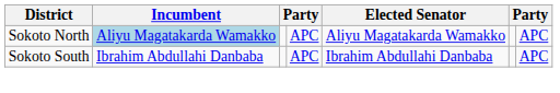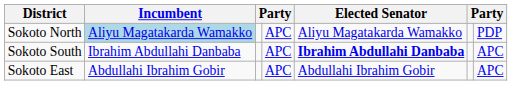 <table class="sortable wikitable" style="font-size:95%;line-height:14px;">
 <tr>
 <th class="unsortable">District</th>
 <th class="unsortable"><a href='#'>Incumbent</a></th>
 <th colspan="2">Party</th>
 <th class="unsortable">Elected Senator</th>
 <th colspan="2">Party</th>
 </tr>
 <tr>
 <td>Sokoto North</td>
 <td style="background: lightblue;"><a href='#'>Aliyu Magatakarda Wamakko</a></td>
 <td style="background:"></td>
 <td><a href='#'>APC</a></td>
 <td><a href='#'>Aliyu Magatakarda Wamakko</a></td>
 <td style="background:"></td>
-<td><a href='#'>APC</a></td>
+<td><a href='#'>PDP</a></td>
 </tr>
 <tr>
 <td>Sokoto South</td>
 <td><a href='#'>Ibrahim Abdullahi Danbaba</a></td>
 <td style="background:"></td>
 <td><a href='#'>APC</a></td>
-<td><a href='#'>Ibrahim Abdullahi Danbaba</a></td>
+<td><strong><a href='#'>Ibrahim Abdullahi Danbaba</a></strong></td>
+<td style="background:"></td>
+<td><a href='#'>APC</a></td>
+</tr>
+<tr>
+<td>Sokoto East</td>
+<td><a href='#'>Abdullahi Ibrahim Gobir</a></td>
+<td style="background:"></td>
+<td><a href='#'>APC</a></td>
+<td><a href='#'>Abdullahi Ibrahim Gobir</a></td>
 <td style="background:"></td>
 <td><a href='#'>APC</a></td>
 </tr>
 </table>
